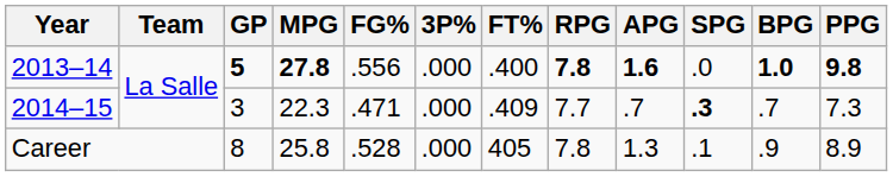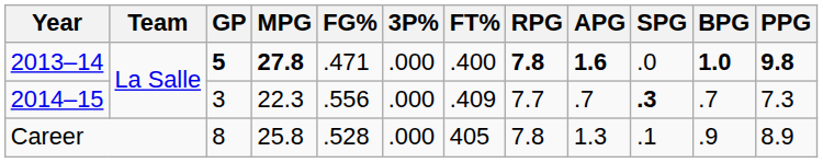 <table class="wikitable sortable">
 <tr>
 <th>Year</th>
 <th>Team</th>
 <th>GP</th>
 <th>MPG</th>
 <th>FG%</th>
 <th>3P%</th>
 <th>FT%</th>
 <th>RPG</th>
 <th>APG</th>
 <th>SPG</th>
 <th>BPG</th>
 <th>PPG</th>
 </tr>
 <tr>
 <td><a href='#'>2013–14</a></td>
 <td rowspan="2"><a href='#'>La Salle</a></td>
 <td><strong>5</strong></td>
 <td><strong>27.8</strong></td>
-<td>.556</td>
+<td>.471</td>
 <td>.000</td>
 <td>.400</td>
 <td><strong>7.8</strong></td>
 <td><strong>1.6</strong></td>
 <td>.0</td>
 <td><strong>1.0</strong></td>
 <td><strong>9.8</strong></td>
 </tr>
 <tr>
 <td><a href='#'>2014–15</a></td>
 <td>3</td>
 <td>22.3</td>
-<td>.471</td>
+<td>.556</td>
 <td>.000</td>
 <td>.409</td>
 <td>7.7</td>
 <td>.7</td>
 <td><strong>.3</strong></td>
 <td>.7</td>
 <td>7.3</td>
 </tr>
 <tr>
 <td colspan="2">Career</td>
 <td>8</td>
 <td>25.8</td>
 <td>.528</td>
 <td>.000</td>
 <td>405</td>
 <td>7.8</td>
 <td>1.3</td>
 <td>.1</td>
 <td>.9</td>
 <td>8.9</td>
 </tr>
 </table>
